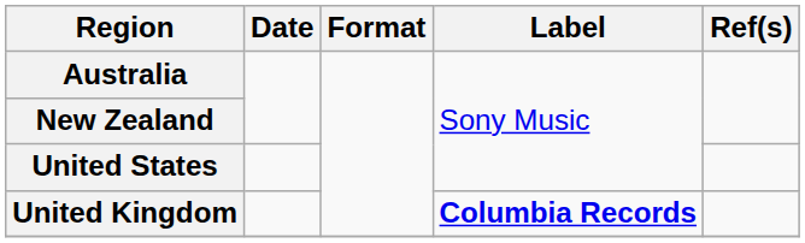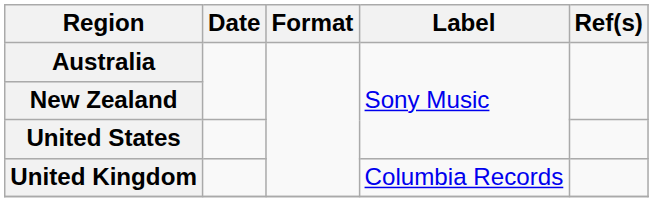 <table class="wikitable plainrowheaders">
 <tr>
 <th scope="col">Region</th>
 <th scope="col">Date</th>
 <th scope="col">Format</th>
 <th scope="col">Label</th>
 <th scope="col">Ref(s)</th>
 </tr>
 <tr>
 <th scope="row">Australia</th>
 <td rowspan="2"></td>
 <td rowspan="4"></td>
 <td rowspan="3"><a href='#'>Sony Music</a></td>
 <td rowspan="2"></td>
 </tr>
 <tr>
 <th scope="row">New Zealand</th>
 </tr>
 <tr>
 <th scope="row">United States</th>
 <td></td>
 <td></td>
 </tr>
 <tr>
 <th scope="row">United Kingdom</th>
 <td></td>
-<td><strong><a href='#'>Columbia Records</a></strong></td>
+<td><a href='#'>Columbia Records</a></td>
 <td></td>
 </tr>
 <tr>
 </tr>
 </table>
